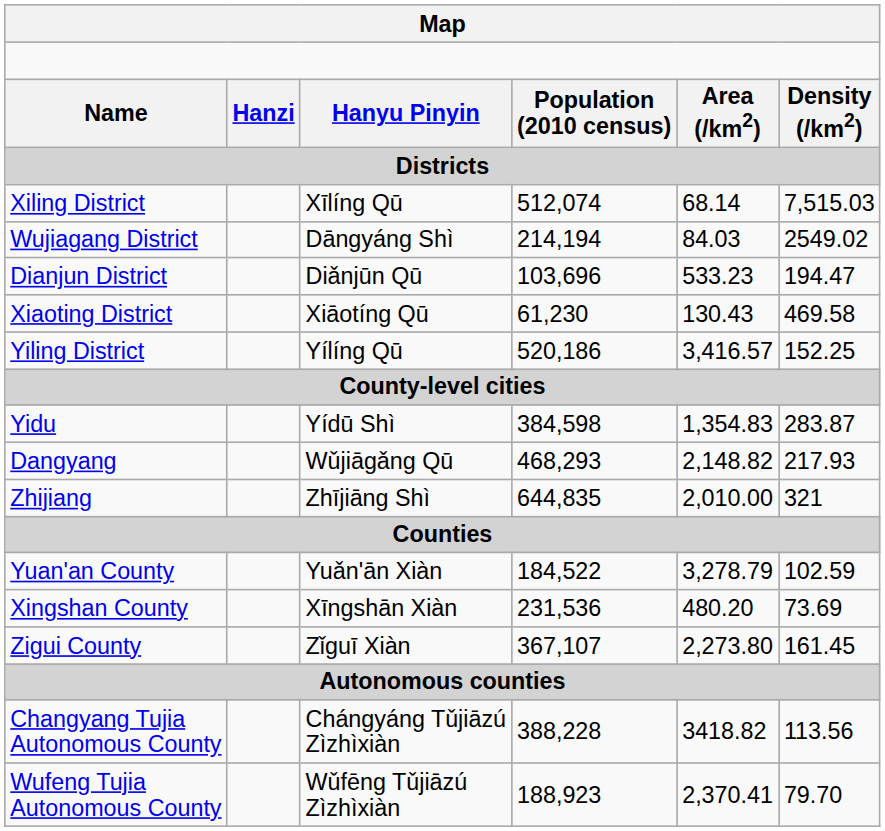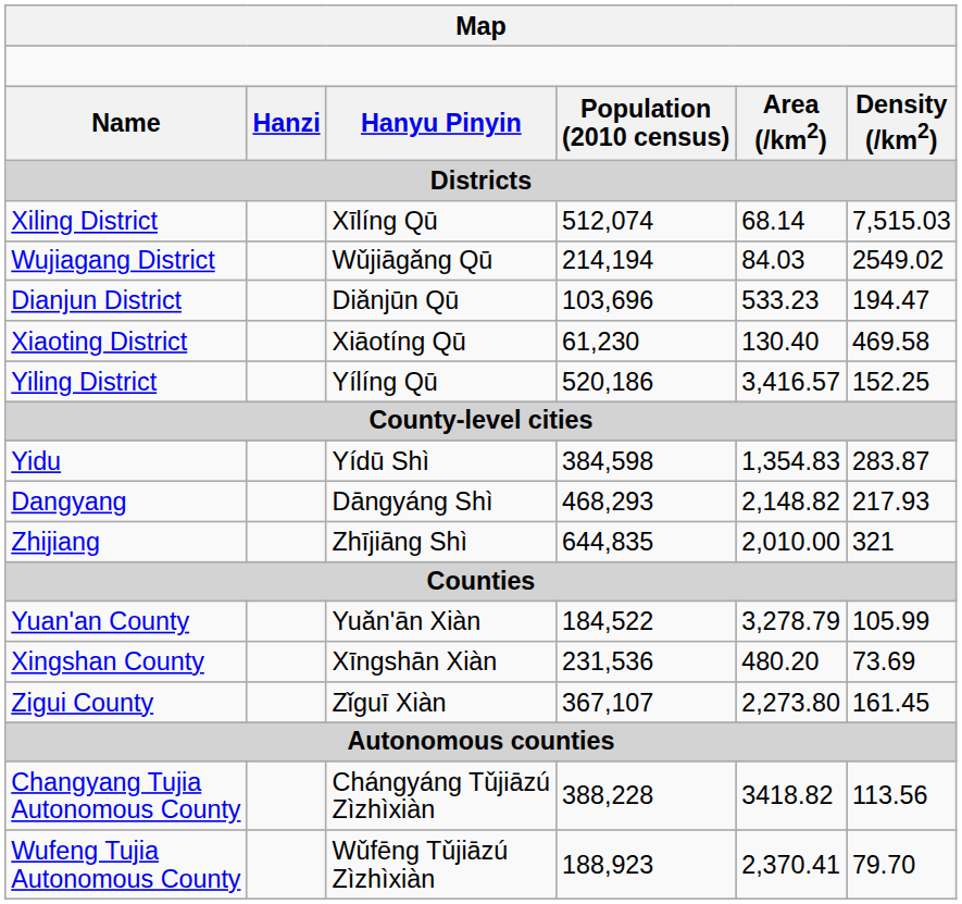 <table class="wikitable"  style="font-size:90%;">
 <tr>
 <th colspan="7">Map</th>
 </tr>
 <tr>
 <td colspan="7"><div><br>                  </div></td>
 </tr>
 <tr>
 <th>Name</th>
 <th><a href='#'>Hanzi</a></th>
 <th><a href='#'>Hanyu Pinyin</a></th>
 <th>Population<br>(2010 census) </th>
 <th>Area<br>(/km<sup>2</sup>) </th>
 <th>Density<br>(/km<sup>2</sup>)</th>
 </tr>
 <tr>
 <td colspan="7"  style="text-align:center; background:#d3d3d3;"><strong>Districts</strong></td>
 </tr>
 <tr>
 <td><a href='#'>Xiling District</a></td>
 <td></td>
 <td>Xīlíng Qū</td>
 <td>512,074</td>
 <td>68.14</td>
 <td>7,515.03</td>
 </tr>
 <tr>
 <td><a href='#'>Wujiagang District</a></td>
 <td></td>
-<td>Dāngyáng Shì</td>
+<td>Wǔjiāgǎng Qū</td>
 <td>214,194</td>
 <td>84.03</td>
 <td>2549.02</td>
 </tr>
 <tr>
 <td><a href='#'>Dianjun District</a></td>
 <td></td>
 <td>Diǎnjūn Qū</td>
 <td>103,696</td>
 <td>533.23</td>
 <td>194.47</td>
 </tr>
 <tr>
 <td><a href='#'>Xiaoting District</a></td>
 <td></td>
 <td>Xiāotíng Qū</td>
 <td>61,230</td>
-<td>130.43</td>
+<td>130.40</td>
 <td>469.58</td>
 </tr>
 <tr>
 <td><a href='#'>Yiling District</a></td>
 <td></td>
 <td>Yílíng Qū</td>
 <td>520,186</td>
 <td>3,416.57</td>
 <td>152.25</td>
 </tr>
 <tr>
 <td colspan="7"  style="text-align:center; background:#d3d3d3;"><strong>County-level cities</strong></td>
 </tr>
 <tr>
 <td><a href='#'>Yidu</a></td>
 <td></td>
 <td>Yídū Shì</td>
 <td>384,598</td>
 <td>1,354.83</td>
 <td>283.87</td>
 </tr>
 <tr>
 <td><a href='#'>Dangyang</a></td>
 <td></td>
-<td>Wǔjiāgǎng Qū</td>
+<td>Dāngyáng Shì</td>
 <td>468,293</td>
 <td>2,148.82</td>
 <td>217.93</td>
 </tr>
 <tr>
 <td><a href='#'>Zhijiang</a></td>
 <td></td>
 <td>Zhījiāng Shì</td>
 <td>644,835</td>
 <td>2,010.00</td>
 <td>321</td>
 </tr>
 <tr>
 <td colspan="7"  style="text-align:center; background:#d3d3d3;"><strong>Counties</strong></td>
 </tr>
 <tr>
 <td><a href='#'>Yuan'an County</a></td>
 <td></td>
 <td>Yuǎn'ān Xiàn</td>
 <td>184,522</td>
 <td>3,278.79</td>
-<td>102.59</td>
+<td>105.99</td>
 </tr>
 <tr>
 <td><a href='#'>Xingshan County</a></td>
 <td></td>
 <td>Xīngshān Xiàn</td>
 <td>231,536</td>
 <td>480.20</td>
 <td>73.69</td>
 </tr>
 <tr>
 <td><a href='#'>Zigui County</a></td>
 <td></td>
 <td>Zǐguī Xiàn</td>
 <td>367,107</td>
 <td>2,273.80</td>
 <td>161.45</td>
 </tr>
 <tr>
 <td colspan="7"  style="text-align:center; background:#d3d3d3;"><strong>Autonomous counties</strong></td>
 </tr>
 <tr>
 <td><a href='#'>Changyang Tujia<br>Autonomous County</a></td>
 <td></td>
 <td>Chángyáng Tǔjiāzú<br>Zìzhìxiàn</td>
 <td>388,228</td>
 <td>3418.82</td>
 <td>113.56</td>
 </tr>
 <tr>
 <td><a href='#'>Wufeng Tujia<br>Autonomous County</a></td>
 <td></td>
 <td>Wǔfēng Tǔjiāzú<br>Zìzhìxiàn</td>
 <td>188,923</td>
 <td>2,370.41</td>
 <td>79.70</td>
 </tr>
 </table>
